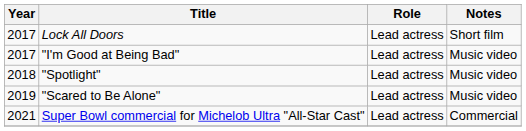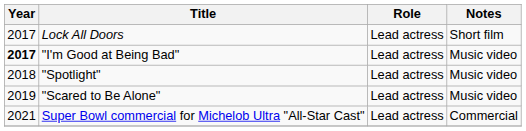 <table class="wikitable sortable">
 <tr>
 <th>Year</th>
 <th>Title</th>
 <th>Role</th>
 <th>Notes</th>
 </tr>
 <tr>
 <td>2017</td>
 <td><em>Lock All Doors</em></td>
 <td>Lead actress</td>
 <td>Short film</td>
 </tr>
 <tr>
-<td>2017</td>
+<td><strong>2017</strong></td>
 <td>"I'm Good at Being Bad"</td>
 <td>Lead actress</td>
 <td>Music video</td>
 </tr>
 <tr>
 <td>2018</td>
 <td>"Spotlight"</td>
 <td>Lead actress</td>
 <td>Music video</td>
 </tr>
 <tr>
 <td>2019</td>
 <td>"Scared to Be Alone"</td>
 <td>Lead actress</td>
 <td>Music video</td>
 </tr>
 <tr>
 <td>2021</td>
 <td><a href='#'>Super Bowl commercial</a> for <a href='#'>Michelob Ultra</a> "All-Star Cast"</td>
 <td>Lead actress</td>
 <td>Commercial</td>
 </tr>
 <tr>
 </tr>
 </table>
